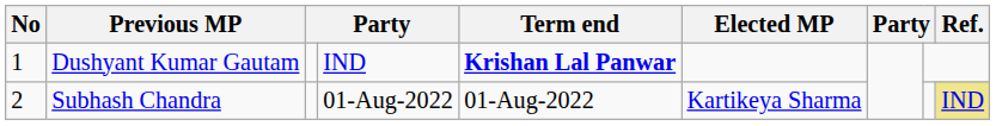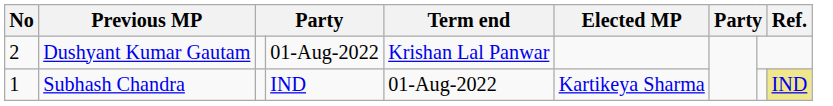 <table class="wikitable sortable">
 <tr>
 <th>No</th>
 <th>Previous MP</th>
 <th colspan="2">Party</th>
 <th>Term end</th>
 <th>Elected MP</th>
 <th colspan="2">Party</th>
 <th>Ref.</th>
 </tr>
 <tr>
-<td>1</td>
+<td>2</td>
 <td><a href='#'>Dushyant Kumar Gautam</a></td>
 <td></td>
-<td><a href='#'>IND</a></td>
-<td><strong><a href='#'>Krishan Lal Panwar</a></strong></td>
+<td>01-Aug-2022</td>
+<td><a href='#'>Krishan Lal Panwar</a></td>
 <td></td>
 <td rowspan="2"></td>
 </tr>
 <tr>
-<td>2</td>
+<td>1</td>
 <td><a href='#'>Subhash Chandra</a></td>
 <td width="1px"></td>
-<td>01-Aug-2022</td>
+<td><a href='#'>IND</a></td>
 <td>01-Aug-2022</td>
 <td><a href='#'>Kartikeya Sharma</a></td>
 <td width="1px"></td>
 <td style="background: khaki;"><a href='#'>IND</a></td>
 </tr>
 </table>
